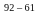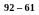 <table style="text-align:center">
 <tr>
 <th width=200></th>
 <th width=100></th>
 <th width=200></th>
 <th></th>
 </tr>
 <tr>
 <td align=right><strong></strong></td>
-<td>92 – 61</td>
+<td><strong>92 – 61</strong></td>
 <td align=left></td>
 </tr>
 </table>
